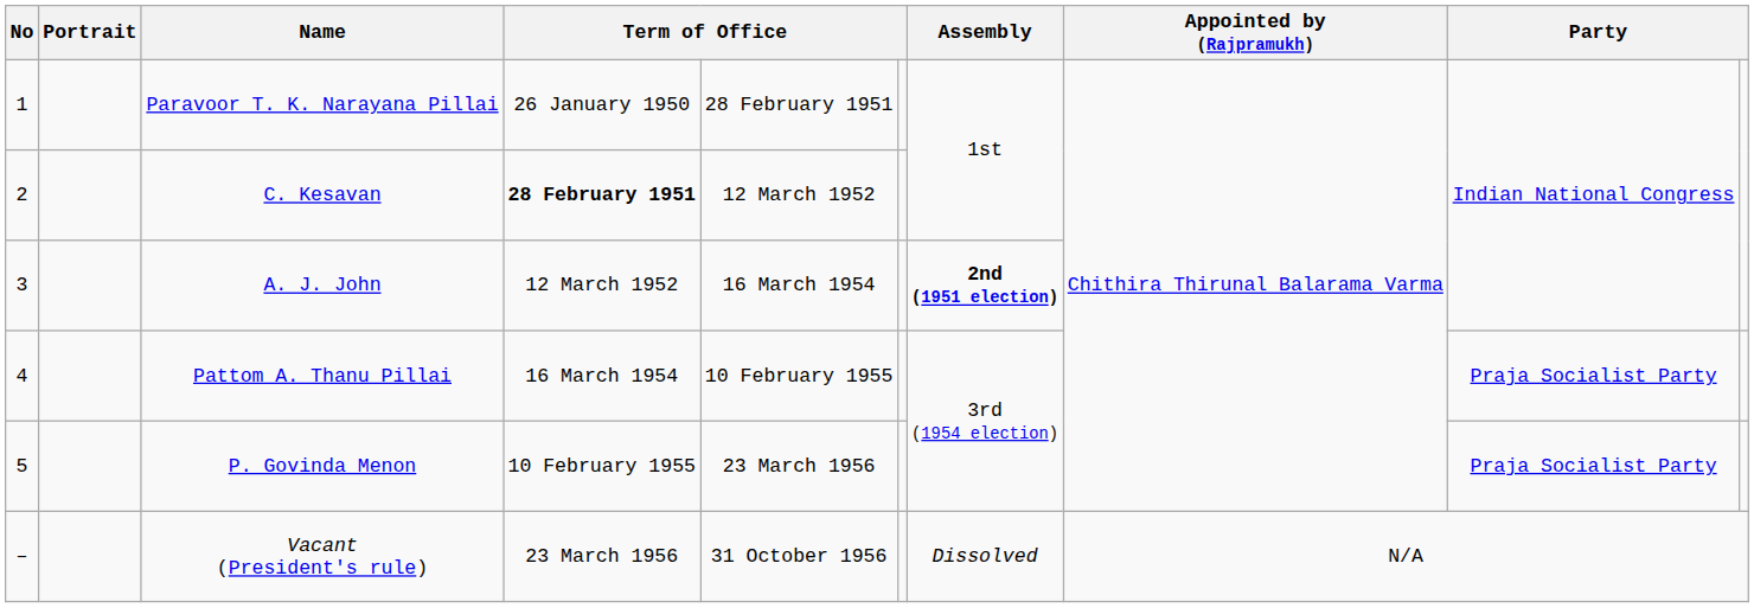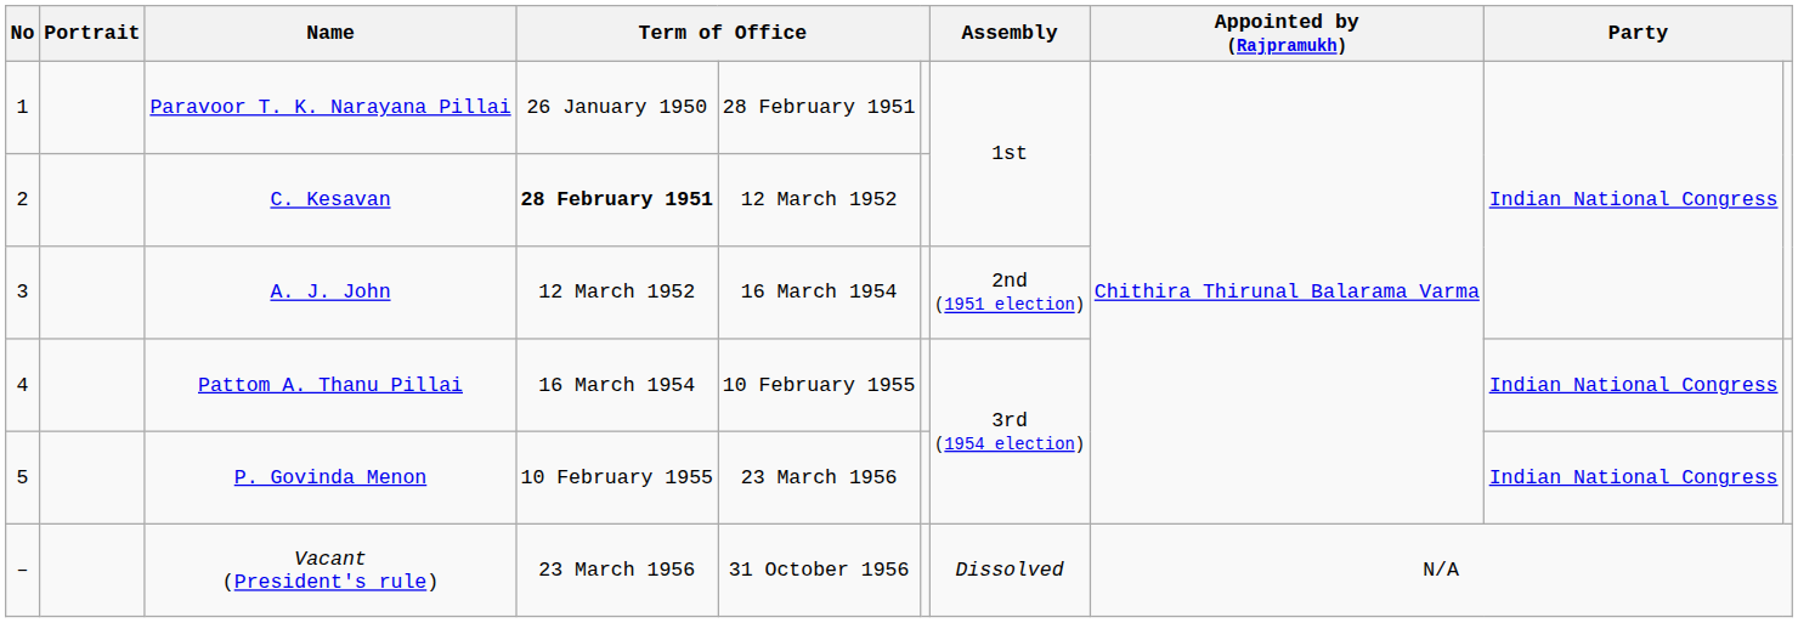 <table class="wikitable" style=text-align:center>
 <tr>
 <th>No</th>
 <th>Portrait</th>
 <th>Name</th>
 <th colspan="3">Term of Office</th>
 <th>Assembly</th>
 <th>Appointed by<br><small>(<a href='#'>Rajpramukh</a>)</small></th>
 <th colspan="2">Party</th>
 </tr>
 <tr style="height: 60px;">
 <td>1</td>
 <td></td>
 <td><a href='#'>Paravoor T. K. Narayana Pillai</a></td>
 <td>26 January 1950</td>
 <td>28 February 1951</td>
 <td></td>
 <td rowspan="2">1st</td>
 <td rowspan="5"><a href='#'>Chithira Thirunal Balarama Varma</a></td>
 <td rowspan="3"><a href='#'>Indian National Congress</a></td>
 <td rowspan="3" style="background-color: "></td>
 </tr>
 <tr style="height: 60px;">
 <td>2</td>
 <td></td>
 <td><a href='#'>C. Kesavan</a></td>
 <td><strong>28 February 1951</strong></td>
 <td>12 March 1952</td>
 <td></td>
 </tr>
 <tr style="height: 60px;">
 <td>3</td>
 <td></td>
 <td><a href='#'>A. J. John</a></td>
 <td>12 March 1952</td>
 <td>16 March 1954</td>
 <td></td>
-<td><strong>2nd<br><small>(<a href='#'>1951 election</a>)</small></strong></td>
+<td>2nd<br><small>(<a href='#'>1951 election</a>)</small></td>
 </tr>
 <tr style="height: 60px;">
 <td>4</td>
 <td></td>
 <td><a href='#'>Pattom A. Thanu Pillai</a></td>
 <td>16 March 1954</td>
 <td>10 February 1955</td>
 <td></td>
 <td rowspan="2">3rd<br><small>(<a href='#'>1954 election</a>)</small></td>
-<td><a href='#'>Praja Socialist Party</a></td>
+<td><a href='#'>Indian National Congress</a></td>
 <td style="background-color: "></td>
 </tr>
 <tr style="height: 60px;">
 <td>5</td>
 <td></td>
 <td><a href='#'>P. Govinda Menon</a></td>
 <td>10 February 1955</td>
 <td>23 March 1956</td>
 <td></td>
-<td><a href='#'>Praja Socialist Party</a></td>
+<td><a href='#'>Indian National Congress</a></td>
 <td style="background-color: "></td>
 </tr>
 <tr style="height: 60px;">
 <td>–</td>
 <td></td>
 <td scope="row"><em>Vacant</em><br>(<a href='#'>President's rule</a>)</td>
 <td>23 March 1956</td>
 <td>31 October 1956</td>
 <td></td>
 <td><em>Dissolved</em></td>
 <td colspan="3" col span "2">N/A</td>
 </tr>
 </table>
